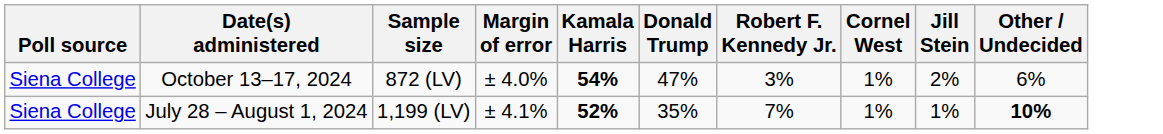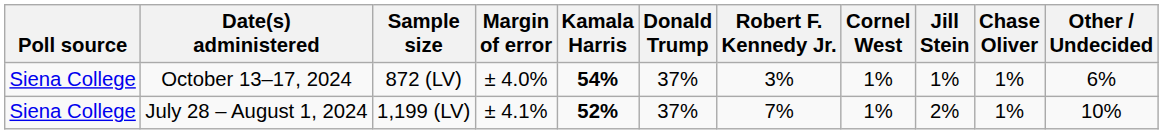 <table class="wikitable sortable mw-datatable" style="font-size:90%;text-align:center;line-height:17px">
 <tr valign=bottom>
 <th>Poll source</th>
 <th>Date(s)<br>administered</th>
 <th>Sample<br>size</th>
 <th>Margin<br>of error</th>
 <th class="unsortable">Kamala<br>Harris<br></th>
 <th class="unsortable">Donald<br>Trump<br></th>
 <th class="unsortable">Robert F.<br>Kennedy Jr.<br></th>
 <th class="unsortable">Cornel<br>West<br></th>
 <th class="unsortable">Jill<br>Stein<br></th>
+<th class="unsortable">Chase<br>Oliver<br></th>
 <th class="unsortable">Other /<br>Undecided</th>
 </tr>
 <tr>
 <td style="text-align:left;"><a href='#'>Siena College</a></td>
 <td data-sort-value="2024-10-17">October 13–17, 2024</td>
 <td>872 (LV)</td>
 <td>± 4.0%</td>
 <td style="color:black;background-color:"><strong>54%</strong></td>
-<td>47%</td>
+<td>37%</td>
 <td>3%</td>
 <td>1%</td>
-<td>2%</td>
+<td>1%</td>
+<td>1%</td>
 <td>6%</td>
 </tr>
 <tr>
 <td style="text-align:left;"><a href='#'>Siena College</a></td>
 <td data-sort-value="2024-08-01">July 28 – August 1, 2024</td>
 <td>1,199 (LV)</td>
 <td>± 4.1%</td>
 <td style="color:black;background-color:"><strong>52%</strong></td>
-<td>35%</td>
+<td>37%</td>
 <td>7%</td>
 <td>1%</td>
+<td>2%</td>
 <td>1%</td>
-<td><strong>10%</strong></td>
+<td>10%</td>
 </tr>
 </table>
